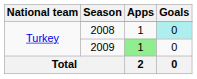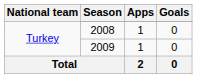 <table class="wikitable" style="text-align: center;">
 <tr>
 <th>National team</th>
 <th>Season</th>
 <th>Apps</th>
 <th>Goals</th>
 </tr>
 <tr>
 <td rowspan="3" valign="center"><a href='#'>Turkey</a></td>
 </tr>
 <tr>
 <td>2008</td>
 <td>1</td>
-<td style="background: paleturquoise;">0</td>
+<td>0</td>
 </tr>
 <tr>
 <td>2009</td>
-<td style="background: lightgreen;">1</td>
+<td>1</td>
 <td>0</td>
 </tr>
 <tr>
 <th colspan="2">Total</th>
 <th>2</th>
 <th>0</th>
 </tr>
 </table>
